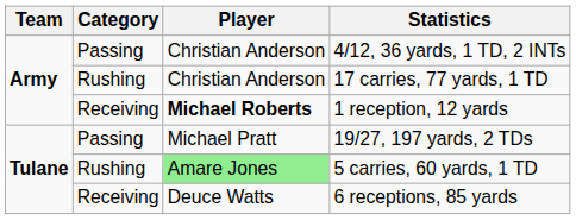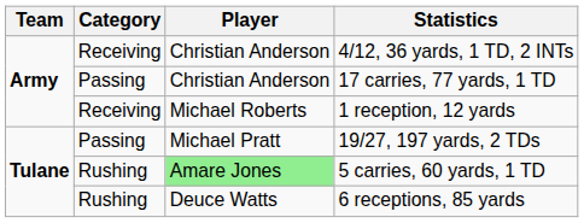 <table class="wikitable" style="float: left;">
 <tr>
 <th>Team</th>
 <th>Category</th>
 <th>Player</th>
 <th>Statistics</th>
 </tr>
 <tr>
 <td rowspan=3><strong>Army</strong></td>
-<td>Passing</td>
+<td>Receiving</td>
 <td>Christian Anderson</td>
 <td>4/12, 36 yards, 1 TD, 2 INTs</td>
 </tr>
 <tr>
-<td>Rushing</td>
+<td>Passing</td>
 <td>Christian Anderson</td>
 <td>17 carries, 77 yards, 1 TD</td>
 </tr>
 <tr>
 <td>Receiving</td>
-<td><strong>Michael Roberts</strong></td>
+<td>Michael Roberts</td>
 <td>1 reception, 12 yards</td>
 </tr>
 <tr>
 <td rowspan=3><strong>Tulane</strong></td>
 <td>Passing</td>
 <td>Michael Pratt</td>
 <td>19/27, 197 yards, 2 TDs</td>
 </tr>
 <tr>
 <td>Rushing</td>
 <td style="background: lightgreen;">Amare Jones</td>
 <td>5 carries, 60 yards, 1 TD</td>
 </tr>
 <tr>
-<td>Receiving</td>
+<td>Rushing</td>
 <td>Deuce Watts</td>
 <td>6 receptions, 85 yards</td>
 </tr>
 </table>
